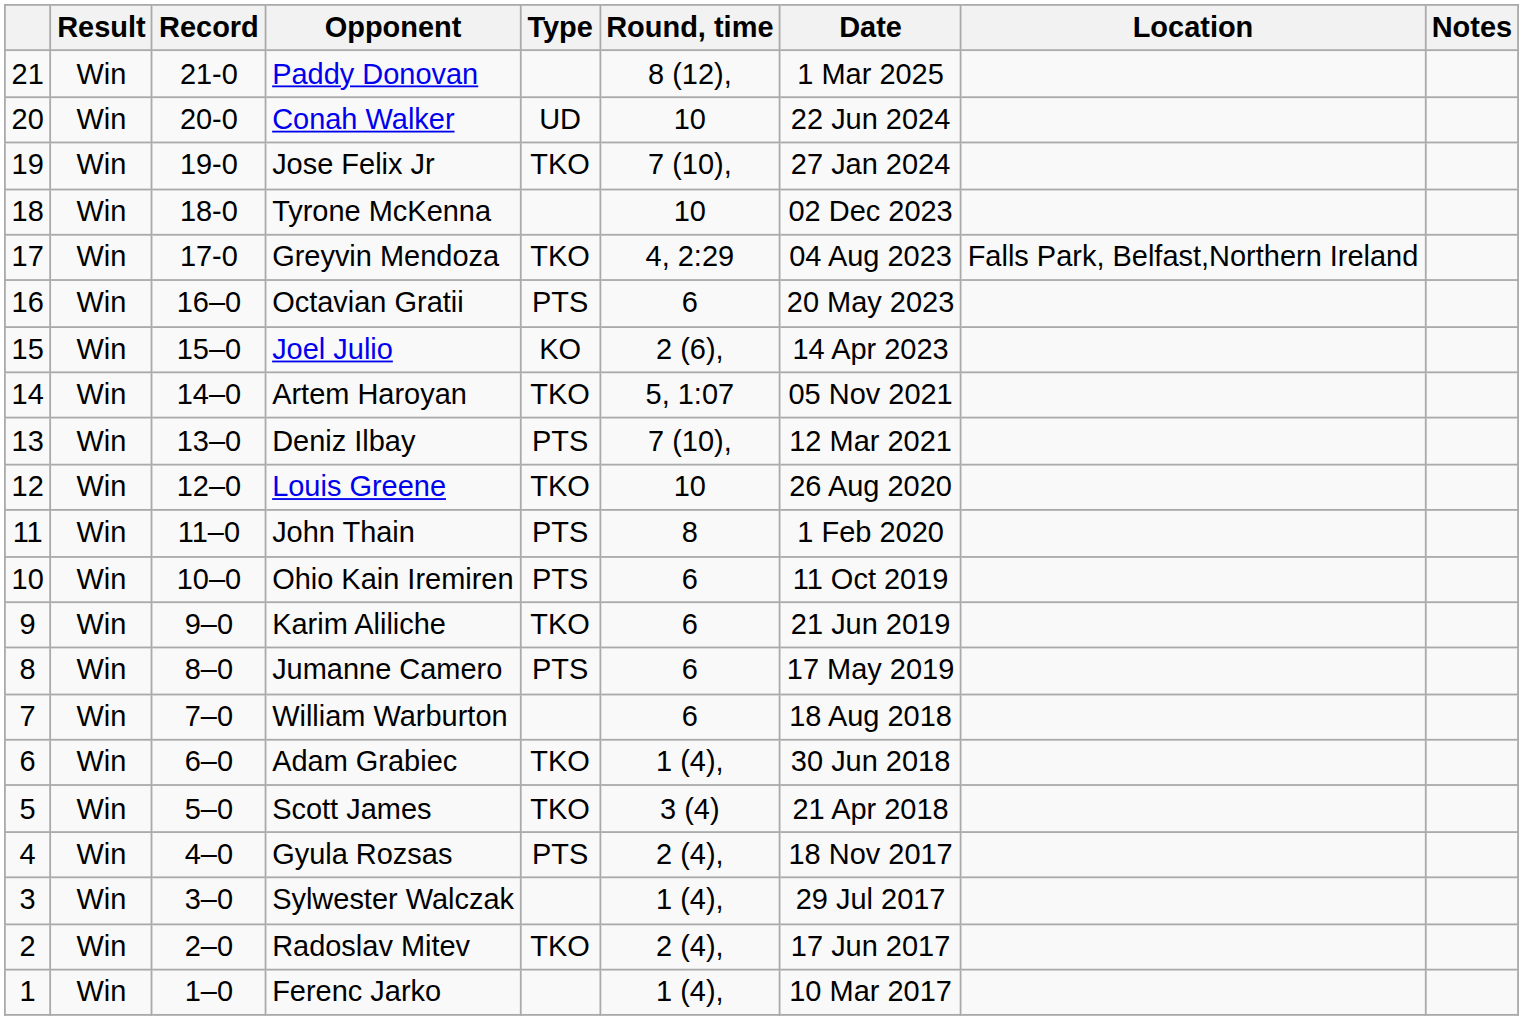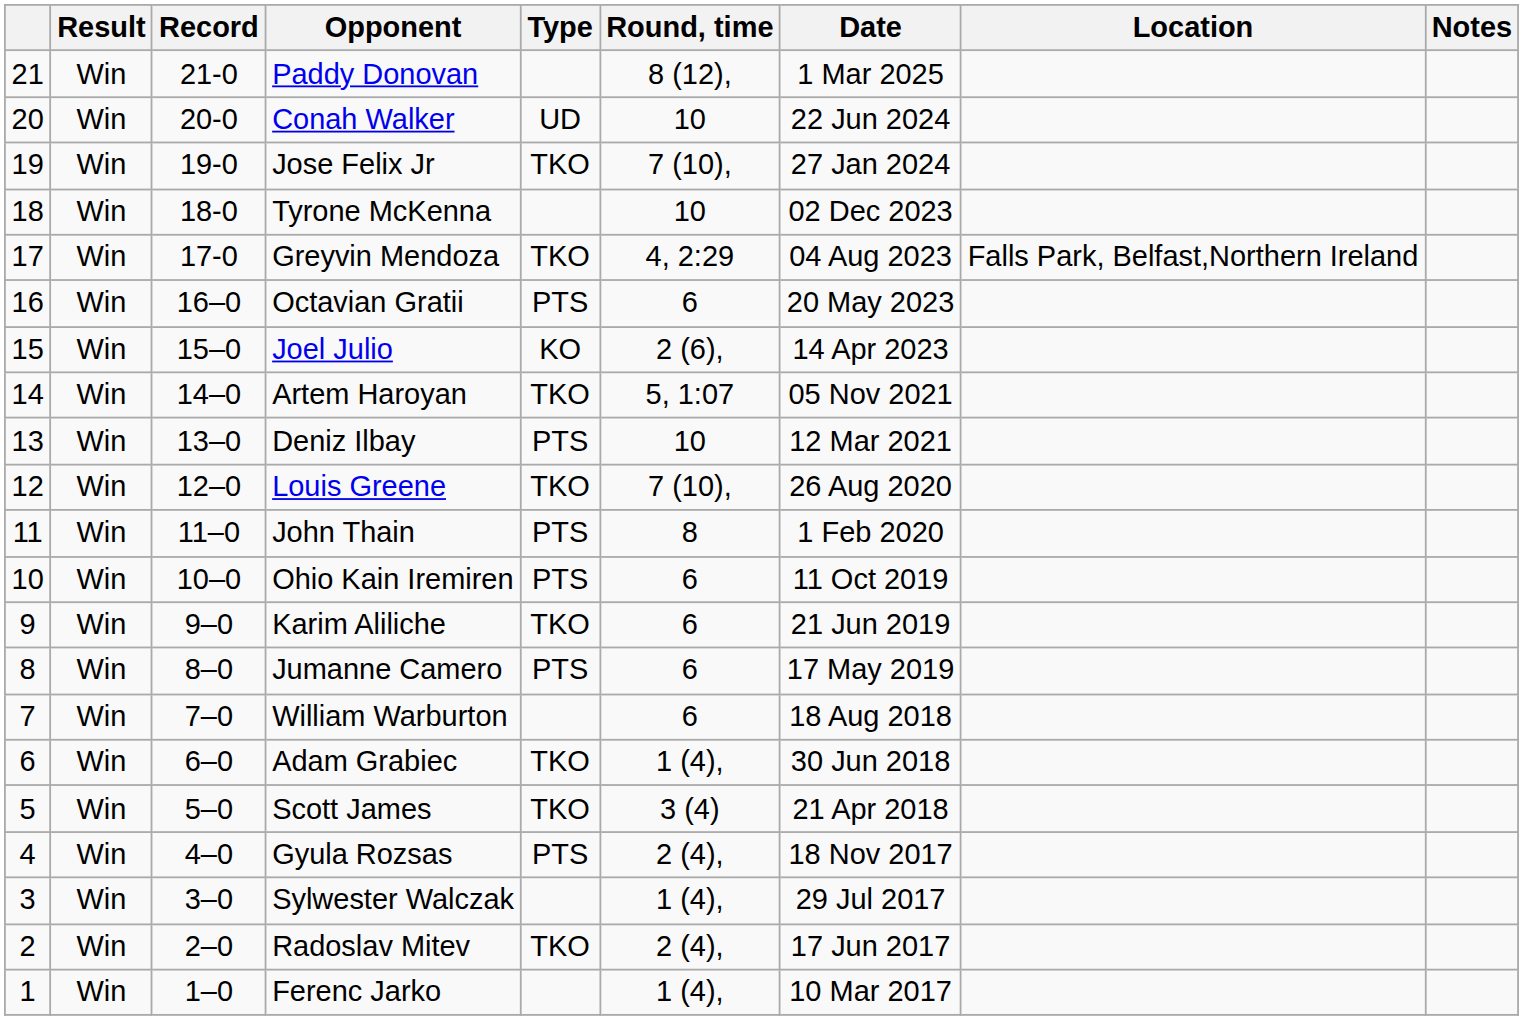 <table class="wikitable" style="text-align:center">
 <tr>
 <th></th>
 <th>Result</th>
 <th>Record</th>
 <th>Opponent</th>
 <th>Type</th>
 <th>Round, time</th>
 <th>Date</th>
 <th>Location</th>
 <th>Notes</th>
 </tr>
 <tr>
 <td>21</td>
 <td>Win</td>
 <td>21-0</td>
 <td align="left"><a href='#'>Paddy Donovan</a></td>
 <td></td>
 <td>8 (12), </td>
 <td>1 Mar 2025</td>
 <td style="text-align:left;"></td>
 <td align=left></td>
 </tr>
 <tr>
 <td>20</td>
 <td>Win</td>
 <td>20-0</td>
 <td align="left"><a href='#'>Conah Walker</a></td>
 <td>UD</td>
 <td>10</td>
 <td>22 Jun 2024</td>
 <td align=left></td>
 <td align=left></td>
 </tr>
 <tr>
 <td>19</td>
 <td>Win</td>
 <td>19-0</td>
 <td align="left">Jose Felix Jr</td>
 <td>TKO</td>
 <td>7 (10), </td>
 <td>27 Jan 2024</td>
 <td align=left></td>
 </tr>
 <tr>
 <td>18</td>
 <td>Win</td>
 <td>18-0</td>
 <td align="left">Tyrone McKenna</td>
 <td></td>
 <td>10</td>
 <td>02 Dec 2023</td>
 <td align=left></td>
 <td align=left></td>
 </tr>
 <tr>
 <td>17</td>
 <td>Win</td>
 <td>17-0</td>
 <td align="left">Greyvin Mendoza</td>
 <td>TKO</td>
 <td>4, 2:29</td>
 <td>04 Aug 2023</td>
 <td align="left">Falls Park, Belfast,Northern Ireland</td>
 <td></td>
 </tr>
 <tr>
 <td>16</td>
 <td>Win</td>
 <td>16–0</td>
 <td align=left>Octavian Gratii</td>
 <td>PTS</td>
 <td>6</td>
 <td>20 May 2023</td>
 <td align=left></td>
 <td></td>
 </tr>
 <tr>
 <td>15</td>
 <td>Win</td>
 <td>15–0</td>
 <td align=left><a href='#'>Joel Julio</a></td>
 <td>KO</td>
 <td>2 (6), </td>
 <td>14 Apr 2023</td>
 <td align=left></td>
 <td></td>
 </tr>
 <tr>
 <td>14</td>
 <td>Win</td>
 <td>14–0</td>
 <td align=left>Artem Haroyan</td>
 <td>TKO</td>
 <td>5, 1:07</td>
 <td>05 Nov 2021</td>
 <td align=left></td>
 <td align=left></td>
 </tr>
 <tr>
 <td>13</td>
 <td>Win</td>
 <td>13–0</td>
 <td align=left>Deniz Ilbay</td>
 <td>PTS</td>
-<td>7 (10), </td>
+<td>10</td>
 <td>12 Mar 2021</td>
 <td align=left></td>
 <td align=left></td>
 </tr>
 <tr>
 <td>12</td>
 <td>Win</td>
 <td>12–0</td>
 <td align=left><a href='#'>Louis Greene</a></td>
 <td>TKO</td>
-<td>10</td>
+<td>7 (10), </td>
 <td>26 Aug 2020</td>
 <td align=left></td>
 <td align=left></td>
 </tr>
 <tr>
 <td>11</td>
 <td>Win</td>
 <td>11–0</td>
 <td align=left>John Thain</td>
 <td>PTS</td>
 <td>8</td>
 <td>1 Feb 2020</td>
 <td align=left></td>
 <td></td>
 </tr>
 <tr>
 <td>10</td>
 <td>Win</td>
 <td>10–0</td>
 <td align=left>Ohio Kain Iremiren</td>
 <td>PTS</td>
 <td>6</td>
 <td>11 Oct 2019</td>
 <td align=left></td>
 <td></td>
 </tr>
 <tr>
 <td>9</td>
 <td>Win</td>
 <td>9–0</td>
 <td align=left>Karim Aliliche</td>
 <td>TKO</td>
 <td>6</td>
 <td>21 Jun 2019</td>
 <td align=left></td>
 <td></td>
 </tr>
 <tr>
 <td>8</td>
 <td>Win</td>
 <td>8–0</td>
 <td align=left>Jumanne Camero</td>
 <td>PTS</td>
 <td>6</td>
 <td>17 May 2019</td>
 <td align=left></td>
 <td></td>
 </tr>
 <tr>
 <td>7</td>
 <td>Win</td>
 <td>7–0</td>
 <td align=left>William Warburton</td>
 <td></td>
 <td>6</td>
 <td>18 Aug 2018</td>
 <td align=left></td>
 <td></td>
 </tr>
 <tr>
 <td>6</td>
 <td>Win</td>
 <td>6–0</td>
 <td align=left>Adam Grabiec</td>
 <td>TKO</td>
 <td>1 (4), </td>
 <td>30 Jun 2018</td>
 <td align=left></td>
 <td></td>
 </tr>
 <tr>
 <td>5</td>
 <td>Win</td>
 <td>5–0</td>
 <td align=left>Scott James</td>
 <td>TKO</td>
 <td>3 (4)</td>
 <td>21 Apr 2018</td>
 <td align=left></td>
 <td></td>
 </tr>
 <tr>
 <td>4</td>
 <td>Win</td>
 <td>4–0</td>
 <td align=left>Gyula Rozsas</td>
 <td>PTS</td>
 <td>2 (4), </td>
 <td>18 Nov 2017</td>
 <td align=left></td>
 <td></td>
 </tr>
 <tr>
 <td>3</td>
 <td>Win</td>
 <td>3–0</td>
 <td align=left>Sylwester Walczak</td>
 <td></td>
 <td>1 (4), </td>
 <td>29 Jul 2017</td>
 <td align=left></td>
 <td></td>
 </tr>
 <tr>
 <td>2</td>
 <td>Win</td>
 <td>2–0</td>
 <td align=left>Radoslav Mitev</td>
 <td>TKO</td>
 <td>2 (4), </td>
 <td>17 Jun 2017</td>
 <td align=left></td>
 <td></td>
 </tr>
 <tr>
 <td>1</td>
 <td>Win</td>
 <td>1–0</td>
 <td align=left>Ferenc Jarko</td>
 <td></td>
 <td>1 (4), </td>
 <td>10 Mar 2017</td>
 <td align=left></td>
 <td></td>
 </tr>
 </table>
